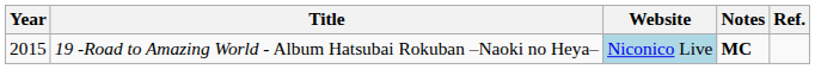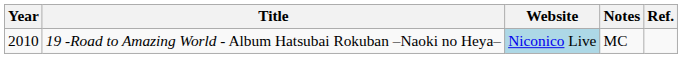 <table class="wikitable">
 <tr>
 <th>Year</th>
 <th>Title</th>
 <th>Website</th>
 <th>Notes</th>
 <th>Ref.</th>
 </tr>
 <tr>
-<td>2015</td>
+<td>2010</td>
 <td><em>19 -Road to Amazing World</em> - Album Hatsubai Rokuban –Naoki no Heya–</td>
 <td style="background: lightblue;"><a href='#'>Niconico</a> Live</td>
-<td><strong>MC</strong></td>
+<td>MC</td>
 <td></td>
 </tr>
 </table>
